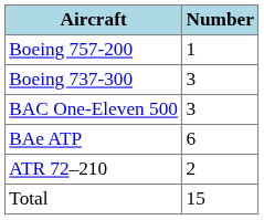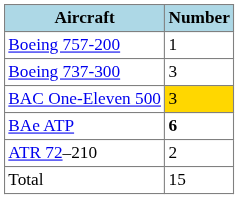 <table class="toccolours" border="1" cellpadding="3" style="border-collapse:collapse">
 <tr bgcolor=lightblue>
 <th>Aircraft</th>
 <th>Number</th>
 </tr>
 <tr>
 <td><a href='#'>Boeing 757-200</a></td>
 <td>1</td>
 </tr>
 <tr>
 <td><a href='#'>Boeing 737-300</a></td>
 <td>3</td>
 </tr>
 <tr>
 <td><a href='#'>BAC One-Eleven 500</a></td>
-<td>3</td>
+<td style="background: gold;">3</td>
 </tr>
 <tr>
 <td><a href='#'>BAe ATP</a></td>
-<td>6</td>
+<td><strong>6</strong></td>
 </tr>
 <tr>
 <td><a href='#'>ATR 72</a>–210</td>
 <td>2</td>
 </tr>
 <tr>
 <td>Total</td>
 <td>15</td>
 </tr>
 </table>
